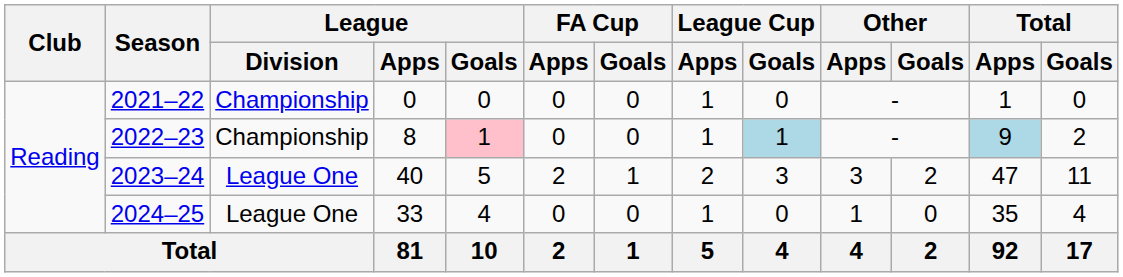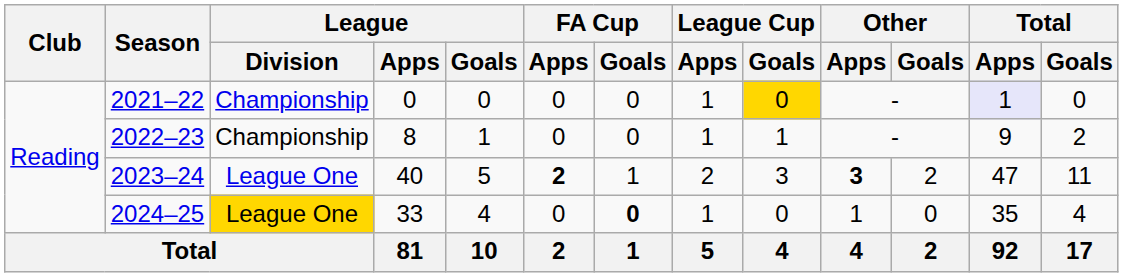 <table class="wikitable" style="text-align: center">
 <tr>
 <th rowspan="2">Club</th>
 <th rowspan="2">Season</th>
 <th colspan="3">League</th>
 <th colspan="2">FA Cup</th>
 <th colspan="2">League Cup</th>
 <th colspan="2">Other</th>
 <th colspan="2">Total</th>
 </tr>
 <tr>
 <th>Division</th>
 <th>Apps</th>
 <th>Goals</th>
 <th>Apps</th>
 <th>Goals</th>
 <th>Apps</th>
 <th>Goals</th>
 <th>Apps</th>
 <th>Goals</th>
 <th>Apps</th>
 <th>Goals</th>
 </tr>
 <tr>
 <td rowspan="4"><a href='#'>Reading</a></td>
 <td><a href='#'>2021–22</a></td>
 <td><a href='#'>Championship</a></td>
 <td>0</td>
 <td>0</td>
 <td>0</td>
 <td>0</td>
 <td>1</td>
-<td>0</td>
+<td style="background: gold;">0</td>
 <td colspan="2">-</td>
-<td>1</td>
+<td style="background: lavender;">1</td>
 <td>0</td>
 </tr>
 <tr>
 <td><a href='#'>2022–23</a></td>
 <td>Championship</td>
 <td>8</td>
-<td style="background: pink;">1</td>
+<td>1</td>
 <td>0</td>
 <td>0</td>
 <td>1</td>
-<td style="background: lightblue;">1</td>
+<td>1</td>
 <td colspan="2">-</td>
-<td style="background: lightblue;">9</td>
+<td>9</td>
 <td>2</td>
 </tr>
 <tr>
 <td><a href='#'>2023–24</a></td>
 <td><a href='#'>League One</a></td>
 <td>40</td>
 <td>5</td>
-<td>2</td>
+<td><strong>2</strong></td>
 <td>1</td>
 <td>2</td>
 <td>3</td>
-<td>3</td>
+<td><strong>3</strong></td>
 <td>2</td>
 <td>47</td>
 <td>11</td>
 </tr>
 <tr>
 <td><a href='#'>2024–25</a></td>
-<td>League One</td>
+<td style="background: gold;">League One</td>
 <td>33</td>
 <td>4</td>
 <td>0</td>
-<td>0</td>
+<td><strong>0</strong></td>
 <td>1</td>
 <td>0</td>
 <td>1</td>
 <td>0</td>
 <td>35</td>
 <td>4</td>
 </tr>
 <tr>
 <th colspan="3">Total</th>
 <th>81</th>
 <th>10</th>
 <th>2</th>
 <th>1</th>
 <th>5</th>
 <th>4</th>
 <th>4</th>
 <th>2</th>
 <th>92</th>
 <th>17</th>
 </tr>
 </table>
